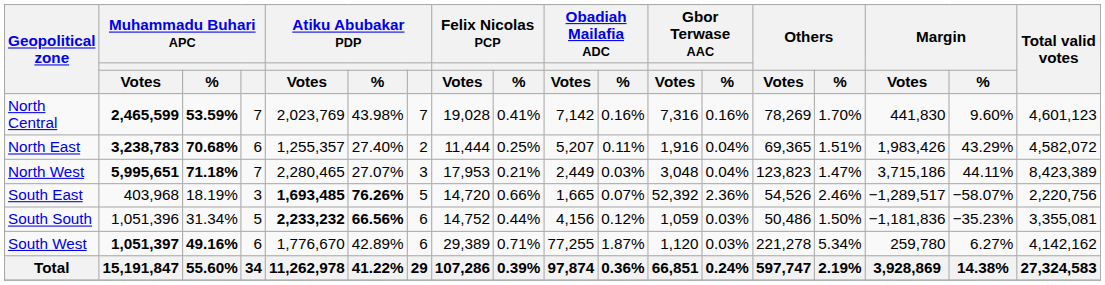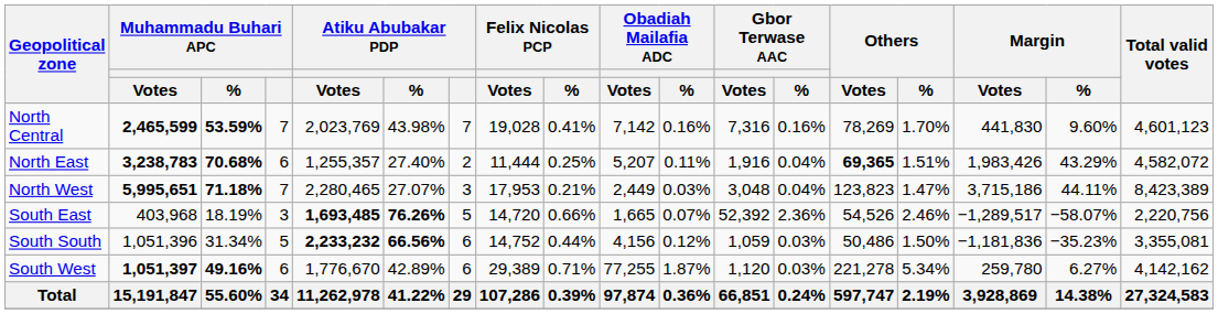 <table class="wikitable sortable" style="text-align:right; font-size:90%">
 <tr>
 <th rowspan="3" style="max-width:7.5em;"><a href='#'>Geopolitical zone</a></th>
 <th colspan="3"><a href='#'>Muhammadu Buhari</a><br><small>APC</small></th>
 <th colspan="3"><a href='#'>Atiku Abubakar</a><br><small>PDP</small></th>
 <th colspan="2">Felix Nicolas<br><small>PCP</small></th>
 <th colspan="2"><a href='#'>Obadiah Mailafia</a><br><small>ADC</small></th>
 <th colspan="2">Gbor Terwase<br><small>AAC</small></th>
 <th colspan="2" rowspan="2">Others</th>
 <th colspan="2" rowspan="2">Margin</th>
 <th rowspan="3" style="max-width:5em;">Total valid votes</th>
 </tr>
 <tr>
 <th colspan=3 style="background-color:"></th>
 <th colspan=3 style="background-color:"></th>
 <th colspan=2 style="background-color:"></th>
 <th colspan=2 style="background-color:"></th>
 <th colspan=2 style="background-color:"></th>
 </tr>
 <tr>
 <th>Votes</th>
 <th>%</th>
 <th></th>
 <th>Votes</th>
 <th>%</th>
 <th></th>
 <th>Votes</th>
 <th>%</th>
 <th>Votes</th>
 <th>%</th>
 <th>Votes</th>
 <th>%</th>
 <th>Votes</th>
 <th>%</th>
 <th>Votes</th>
 <th>%</th>
 </tr>
 <tr style="background-color:#">
 <td style="text-align:left;"><a href='#'>North Central</a></td>
 <td><strong>2,465,599</strong></td>
 <td><strong>53.59%</strong></td>
 <td>7</td>
 <td>2,023,769</td>
 <td>43.98%</td>
 <td>7</td>
 <td>19,028</td>
 <td>0.41%</td>
 <td>7,142</td>
 <td>0.16%</td>
 <td>7,316</td>
 <td>0.16%</td>
 <td>78,269</td>
 <td>1.70%</td>
 <td>441,830</td>
 <td>9.60%</td>
 <td>4,601,123</td>
 </tr>
 <tr style="background-color:#">
 <td style="text-align:left;"><a href='#'>North East</a></td>
 <td><strong>3,238,783</strong></td>
 <td><strong>70.68%</strong></td>
 <td>6</td>
 <td>1,255,357</td>
 <td>27.40%</td>
 <td>2</td>
 <td>11,444</td>
 <td>0.25%</td>
 <td>5,207</td>
 <td>0.11%</td>
 <td>1,916</td>
 <td>0.04%</td>
-<td>69,365</td>
+<td><strong>69,365</strong></td>
 <td>1.51%</td>
 <td>1,983,426</td>
 <td>43.29%</td>
 <td>4,582,072</td>
 </tr>
 <tr style="background-color:#">
 <td style="text-align:left;"><a href='#'>North West</a></td>
 <td><strong>5,995,651</strong></td>
 <td><strong>71.18%</strong></td>
 <td>7</td>
 <td>2,280,465</td>
 <td>27.07%</td>
 <td>3</td>
 <td>17,953</td>
 <td>0.21%</td>
 <td>2,449</td>
 <td>0.03%</td>
 <td>3,048</td>
 <td>0.04%</td>
 <td>123,823</td>
 <td>1.47%</td>
 <td>3,715,186</td>
 <td>44.11%</td>
 <td>8,423,389</td>
 </tr>
 <tr style="background-color:#">
 <td style="text-align:left;"><a href='#'>South East</a></td>
 <td>403,968</td>
 <td>18.19%</td>
 <td>3</td>
 <td><strong>1,693,485</strong></td>
 <td><strong>76.26%</strong></td>
 <td>5</td>
 <td>14,720</td>
 <td>0.66%</td>
 <td>1,665</td>
 <td>0.07%</td>
 <td>52,392</td>
 <td>2.36%</td>
 <td>54,526</td>
 <td>2.46%</td>
 <td>−1,289,517</td>
 <td>−58.07%</td>
 <td>2,220,756</td>
 </tr>
 <tr style="background-color:#">
 <td style="text-align:left;"><a href='#'>South South</a></td>
 <td>1,051,396</td>
 <td>31.34%</td>
 <td>5</td>
 <td><strong>2,233,232</strong></td>
 <td><strong>66.56%</strong></td>
 <td>6</td>
 <td>14,752</td>
 <td>0.44%</td>
 <td>4,156</td>
 <td>0.12%</td>
 <td>1,059</td>
 <td>0.03%</td>
 <td>50,486</td>
 <td>1.50%</td>
 <td>−1,181,836</td>
 <td>−35.23%</td>
 <td>3,355,081</td>
 </tr>
 <tr style="background-color:#">
 <td style="text-align:left;"><a href='#'>South West</a></td>
 <td><strong>1,051,397</strong></td>
 <td><strong>49.16%</strong></td>
 <td>6</td>
 <td>1,776,670</td>
 <td>42.89%</td>
 <td>6</td>
 <td>29,389</td>
 <td>0.71%</td>
 <td>77,255</td>
 <td>1.87%</td>
 <td>1,120</td>
 <td>0.03%</td>
 <td>221,278</td>
 <td>5.34%</td>
 <td>259,780</td>
 <td>6.27%</td>
 <td>4,142,162</td>
 </tr>
 <tr>
 <th>Total</th>
 <th>15,191,847</th>
 <th>55.60%</th>
 <th>34</th>
 <th>11,262,978</th>
 <th>41.22%</th>
 <th>29</th>
 <th>107,286</th>
 <th>0.39%</th>
 <th>97,874</th>
 <th>0.36%</th>
 <th>66,851</th>
 <th>0.24%</th>
 <th>597,747</th>
 <th>2.19%</th>
 <th>3,928,869</th>
 <th>14.38%</th>
 <th>27,324,583</th>
 </tr>
 <tr>
 </tr>
 </table>
